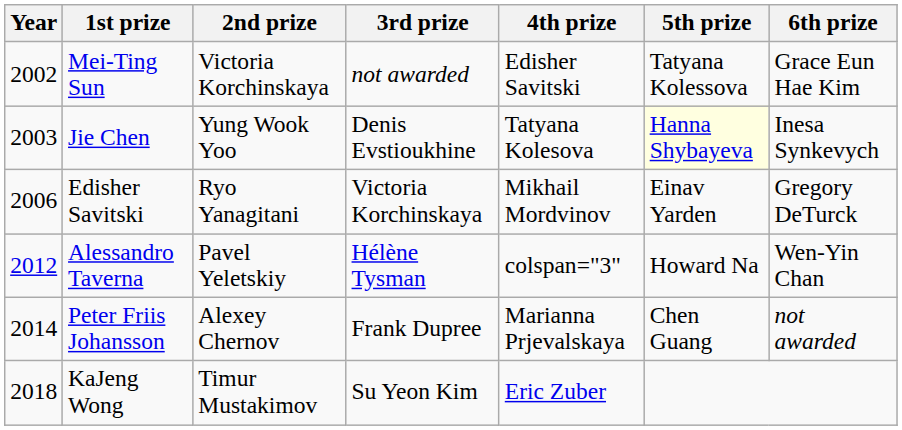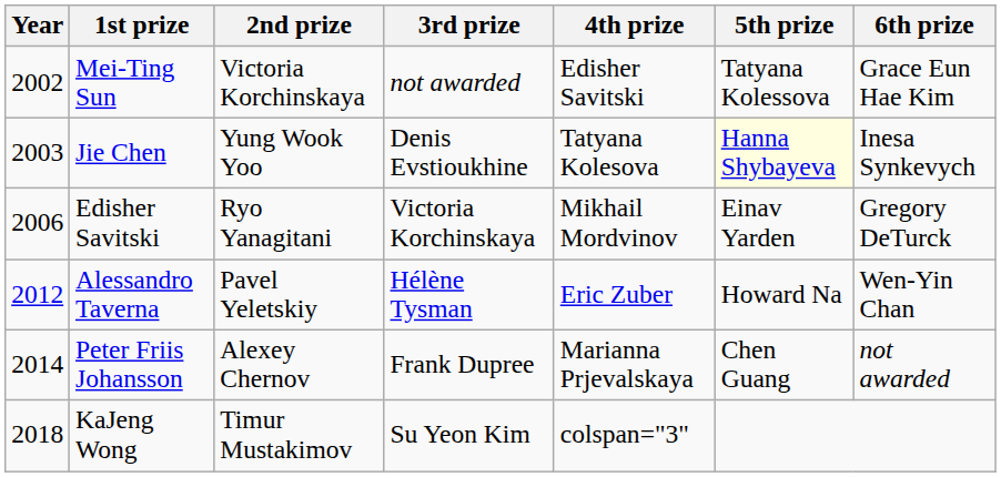 <table class="wikitable">
 <tr>
 <th>Year</th>
 <th>1st prize</th>
 <th>2nd prize</th>
 <th>3rd prize</th>
 <th>4th prize</th>
 <th>5th prize</th>
 <th>6th prize</th>
 </tr>
 <tr>
 <td>2002</td>
 <td> <a href='#'>Mei-Ting Sun</a></td>
 <td> Victoria Korchinskaya</td>
 <td><em>not awarded</em></td>
 <td> Edisher Savitski</td>
 <td> Tatyana Kolessova</td>
 <td> Grace Eun Hae Kim</td>
 </tr>
 <tr>
 <td>2003</td>
 <td> <a href='#'>Jie Chen</a></td>
 <td> Yung Wook Yoo</td>
 <td> Denis Evstioukhine</td>
 <td> Tatyana Kolesova</td>
 <td style="background: lightyellow;"> <a href='#'>Hanna Shybayeva</a></td>
 <td> Inesa Synkevych</td>
 </tr>
 <tr>
 <td>2006</td>
 <td> Edisher Savitski</td>
 <td> Ryo Yanagitani</td>
 <td> Victoria Korchinskaya</td>
 <td> Mikhail Mordvinov</td>
 <td> Einav Yarden</td>
 <td> Gregory DeTurck</td>
 </tr>
 <tr>
 <td><a href='#'>2012</a></td>
 <td> <a href='#'>Alessandro Taverna</a></td>
 <td> Pavel Yeletskiy</td>
 <td> <a href='#'>Hélène Tysman</a></td>
-<td>colspan="3"  </td>
+<td> <a href='#'>Eric Zuber</a></td>
 <td> Howard Na</td>
 <td> Wen-Yin Chan</td>
 </tr>
 <tr>
 <td>2014</td>
 <td>  <a href='#'>Peter Friis Johansson</a></td>
 <td> Alexey Chernov</td>
 <td> Frank Dupree</td>
 <td> Marianna Prjevalskaya</td>
 <td> Chen Guang</td>
 <td><em>not awarded</em></td>
 </tr>
 <tr>
 <td>2018</td>
 <td> KaJeng Wong</td>
 <td> Timur Mustakimov</td>
 <td> Su Yeon Kim</td>
-<td> <a href='#'>Eric Zuber</a></td>
+<td>colspan="3"  </td>
 </tr>
 </table>
